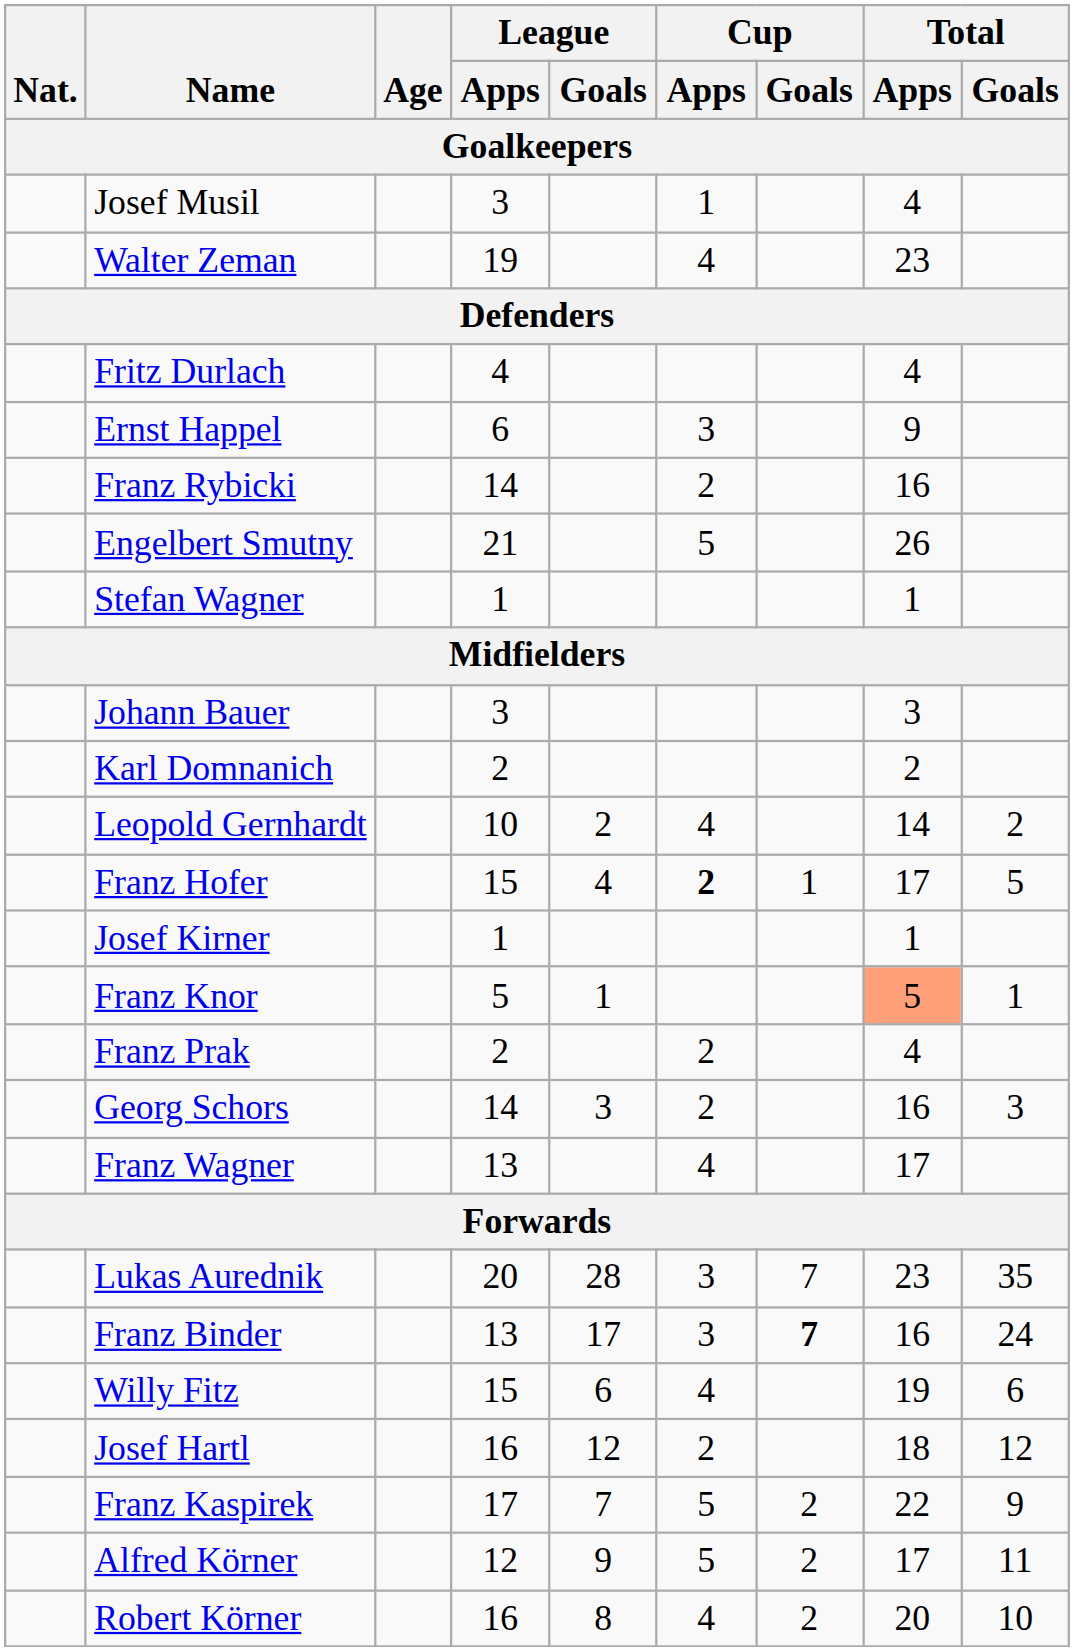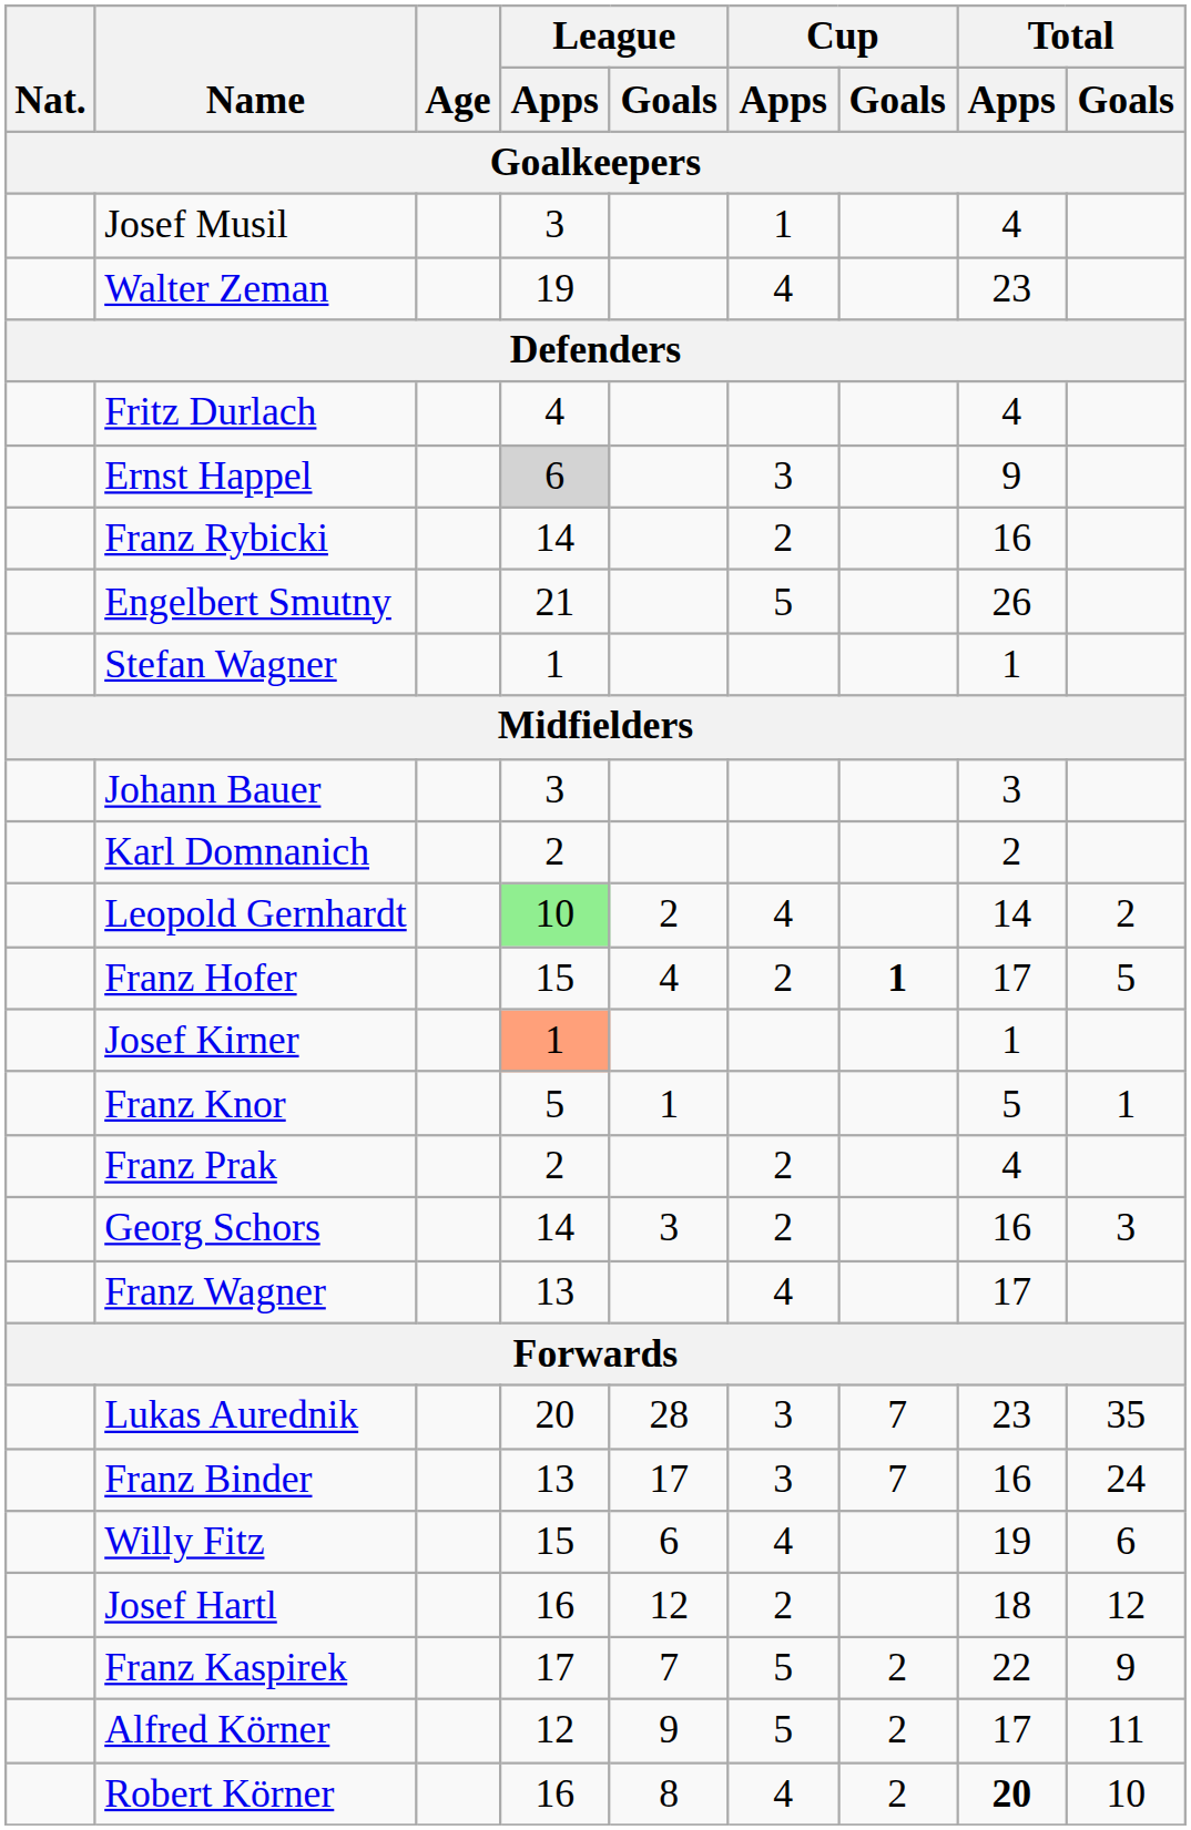 <table class="wikitable" style="text-align:center">
 <tr>
 <th rowspan="2" valign="bottom">Nat.</th>
 <th rowspan="2" valign="bottom">Name</th>
 <th rowspan="2" valign="bottom">Age</th>
 <th colspan="2" width="85">League</th>
 <th colspan="2" width="85">Cup</th>
 <th colspan="2" width="85">Total</th>
 </tr>
 <tr>
 <th>Apps</th>
 <th>Goals</th>
 <th>Apps</th>
 <th>Goals</th>
 <th>Apps</th>
 <th>Goals</th>
 </tr>
 <tr>
 <th colspan=20>Goalkeepers</th>
 </tr>
 <tr>
 <td></td>
 <td align="left">Josef Musil</td>
 <td></td>
 <td>3</td>
 <td></td>
 <td>1</td>
 <td></td>
 <td>4</td>
 <td></td>
 </tr>
 <tr>
 <td></td>
 <td align="left"><a href='#'>Walter Zeman</a></td>
 <td></td>
 <td>19</td>
 <td></td>
 <td>4</td>
 <td></td>
 <td>23</td>
 <td></td>
 </tr>
 <tr>
 <th colspan=20>Defenders</th>
 </tr>
 <tr>
 <td></td>
 <td align="left"><a href='#'>Fritz Durlach</a></td>
 <td></td>
 <td>4</td>
 <td></td>
 <td></td>
 <td></td>
 <td>4</td>
 <td></td>
 </tr>
 <tr>
 <td></td>
 <td align="left"><a href='#'>Ernst Happel</a></td>
 <td></td>
-<td>6</td>
+<td style="background: lightgrey;">6</td>
 <td></td>
 <td>3</td>
 <td></td>
 <td>9</td>
 <td></td>
 </tr>
 <tr>
 <td></td>
 <td align="left"><a href='#'>Franz Rybicki</a></td>
 <td></td>
 <td>14</td>
 <td></td>
 <td>2</td>
 <td></td>
 <td>16</td>
 <td></td>
 </tr>
 <tr>
 <td></td>
 <td align="left"><a href='#'>Engelbert Smutny</a></td>
 <td></td>
 <td>21</td>
 <td></td>
 <td>5</td>
 <td></td>
 <td>26</td>
 <td></td>
 </tr>
 <tr>
 <td></td>
 <td align="left"><a href='#'>Stefan Wagner</a></td>
 <td></td>
 <td>1</td>
 <td></td>
 <td></td>
 <td></td>
 <td>1</td>
 <td></td>
 </tr>
 <tr>
 <th colspan=20>Midfielders</th>
 </tr>
 <tr>
 <td></td>
 <td align="left"><a href='#'>Johann Bauer</a></td>
 <td></td>
 <td>3</td>
 <td></td>
 <td></td>
 <td></td>
 <td>3</td>
 <td></td>
 </tr>
 <tr>
 <td></td>
 <td align="left"><a href='#'>Karl Domnanich</a></td>
 <td></td>
 <td>2</td>
 <td></td>
 <td></td>
 <td></td>
 <td>2</td>
 <td></td>
 </tr>
 <tr>
 <td></td>
 <td align="left"><a href='#'>Leopold Gernhardt</a></td>
 <td></td>
-<td>10</td>
+<td style="background: lightgreen;">10</td>
 <td>2</td>
 <td>4</td>
 <td></td>
 <td>14</td>
 <td>2</td>
 </tr>
 <tr>
 <td></td>
 <td align="left"><a href='#'>Franz Hofer</a></td>
 <td></td>
 <td>15</td>
 <td>4</td>
-<td><strong>2</strong></td>
-<td>1</td>
+<td>2</td>
+<td><strong>1</strong></td>
 <td>17</td>
 <td>5</td>
 </tr>
 <tr>
 <td></td>
 <td align="left"><a href='#'>Josef Kirner</a></td>
 <td></td>
-<td>1</td>
+<td style="background: lightsalmon;">1</td>
 <td></td>
 <td></td>
 <td></td>
 <td>1</td>
 <td></td>
 </tr>
 <tr>
 <td></td>
 <td align="left"><a href='#'>Franz Knor</a></td>
 <td></td>
 <td>5</td>
 <td>1</td>
 <td></td>
 <td></td>
-<td style="background: lightsalmon;">5</td>
+<td>5</td>
 <td>1</td>
 </tr>
 <tr>
 <td></td>
 <td align="left"><a href='#'>Franz Prak</a></td>
 <td></td>
 <td>2</td>
 <td></td>
 <td>2</td>
 <td></td>
 <td>4</td>
 <td></td>
 </tr>
 <tr>
 <td></td>
 <td align="left"><a href='#'>Georg Schors</a></td>
 <td></td>
 <td>14</td>
 <td>3</td>
 <td>2</td>
 <td></td>
 <td>16</td>
 <td>3</td>
 </tr>
 <tr>
 <td></td>
 <td align="left"><a href='#'>Franz Wagner</a></td>
 <td></td>
 <td>13</td>
 <td></td>
 <td>4</td>
 <td></td>
 <td>17</td>
 <td></td>
 </tr>
 <tr>
 <th colspan=20>Forwards</th>
 </tr>
 <tr>
 <td></td>
 <td align="left"><a href='#'>Lukas Aurednik</a></td>
 <td></td>
 <td>20</td>
 <td>28</td>
 <td>3</td>
 <td>7</td>
 <td>23</td>
 <td>35</td>
 </tr>
 <tr>
 <td></td>
 <td align="left"><a href='#'>Franz Binder</a></td>
 <td></td>
 <td>13</td>
 <td>17</td>
 <td>3</td>
-<td><strong>7</strong></td>
+<td>7</td>
 <td>16</td>
 <td>24</td>
 </tr>
 <tr>
 <td></td>
 <td align="left"><a href='#'>Willy Fitz</a></td>
 <td></td>
 <td>15</td>
 <td>6</td>
 <td>4</td>
 <td></td>
 <td>19</td>
 <td>6</td>
 </tr>
 <tr>
 <td></td>
 <td align="left"><a href='#'>Josef Hartl</a></td>
 <td></td>
 <td>16</td>
 <td>12</td>
 <td>2</td>
 <td></td>
 <td>18</td>
 <td>12</td>
 </tr>
 <tr>
 <td></td>
 <td align="left"><a href='#'>Franz Kaspirek</a></td>
 <td></td>
 <td>17</td>
 <td>7</td>
 <td>5</td>
 <td>2</td>
 <td>22</td>
 <td>9</td>
 </tr>
 <tr>
 <td></td>
 <td align="left"><a href='#'>Alfred Körner</a></td>
 <td></td>
 <td>12</td>
 <td>9</td>
 <td>5</td>
 <td>2</td>
 <td>17</td>
 <td>11</td>
 </tr>
 <tr>
 <td></td>
 <td align="left"><a href='#'>Robert Körner</a></td>
 <td></td>
 <td>16</td>
 <td>8</td>
 <td>4</td>
 <td>2</td>
-<td>20</td>
+<td><strong>20</strong></td>
 <td>10</td>
 </tr>
 </table>
